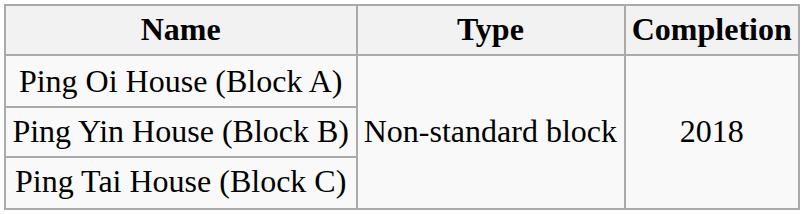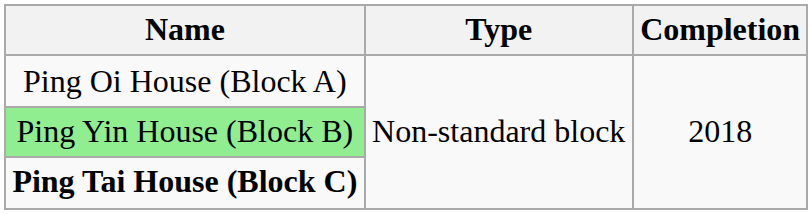 <table class="wikitable" style="text-align: center">
 <tr>
 <th>Name</th>
 <th>Type</th>
 <th>Completion</th>
 </tr>
 <tr>
 <td>Ping Oi House (Block A)</td>
 <td rowspan="3">Non-standard block</td>
 <td rowspan="3">2018</td>
 </tr>
 <tr>
-<td>Ping Yin House (Block B)</td>
+<td style="background: lightgreen;">Ping Yin House (Block B)</td>
 </tr>
 <tr>
-<td>Ping Tai House (Block C)</td>
+<td><strong>Ping Tai House (Block C)</strong></td>
 </tr>
 <tr>
 </tr>
 </table>
